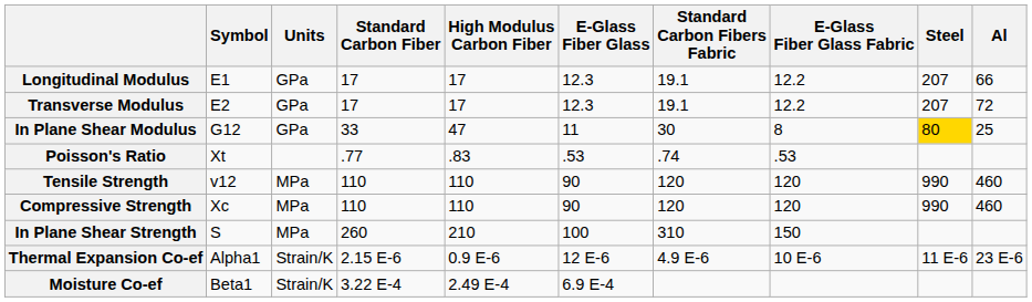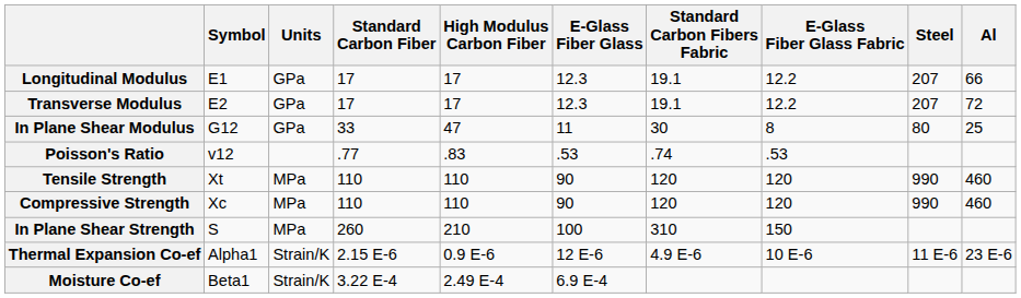 <table class="wikitable">
 <tr>
 <th></th>
 <th>Symbol</th>
 <th>Units</th>
 <th>Standard<br>Carbon Fiber</th>
 <th>High Modulus<br>Carbon Fiber</th>
 <th>E-Glass<br>Fiber Glass</th>
 <th>Standard<br>Carbon Fibers<br>Fabric</th>
 <th>E-Glass<br>Fiber Glass Fabric</th>
 <th>Steel</th>
 <th>Al</th>
 </tr>
 <tr>
 <th>Longitudinal Modulus</th>
 <td>E1</td>
 <td>GPa</td>
 <td>17</td>
 <td>17</td>
 <td>12.3</td>
 <td>19.1</td>
 <td>12.2</td>
 <td>207</td>
 <td>66</td>
 </tr>
 <tr>
 <th>Transverse Modulus</th>
 <td>E2</td>
 <td>GPa</td>
 <td>17</td>
 <td>17</td>
 <td>12.3</td>
 <td>19.1</td>
 <td>12.2</td>
 <td>207</td>
 <td>72</td>
 </tr>
 <tr>
 <th>In Plane Shear Modulus</th>
 <td>G12</td>
 <td>GPa</td>
 <td>33</td>
 <td>47</td>
 <td>11</td>
 <td>30</td>
 <td>8</td>
-<td style="background: gold;">80</td>
+<td>80</td>
 <td>25</td>
 </tr>
 <tr>
 <th>Poisson's Ratio</th>
-<td>Xt</td>
+<td>v12</td>
 <td></td>
 <td>.77</td>
 <td>.83</td>
 <td>.53</td>
 <td>.74</td>
 <td>.53</td>
 <td></td>
 <td></td>
 </tr>
 <tr>
 <th>Tensile Strength</th>
-<td>v12</td>
+<td>Xt</td>
 <td>MPa</td>
 <td>110</td>
 <td>110</td>
 <td>90</td>
 <td>120</td>
 <td>120</td>
 <td>990</td>
 <td>460</td>
 </tr>
 <tr>
 <th>Compressive Strength</th>
 <td>Xc</td>
 <td>MPa</td>
 <td>110</td>
 <td>110</td>
 <td>90</td>
 <td>120</td>
 <td>120</td>
 <td>990</td>
 <td>460</td>
 </tr>
 <tr>
 <th>In Plane Shear Strength</th>
 <td>S</td>
 <td>MPa</td>
 <td>260</td>
 <td>210</td>
 <td>100</td>
 <td>310</td>
 <td>150</td>
 <td></td>
 <td></td>
 </tr>
 <tr>
 <th>Thermal Expansion Co-ef</th>
 <td>Alpha1</td>
 <td>Strain/K</td>
 <td>2.15 E-6</td>
 <td>0.9 E-6</td>
 <td>12 E-6</td>
 <td>4.9 E-6</td>
 <td>10 E-6</td>
 <td>11 E-6</td>
 <td>23 E-6</td>
 </tr>
 <tr>
 <th>Moisture Co-ef</th>
 <td>Beta1</td>
 <td>Strain/K</td>
 <td>3.22 E-4</td>
 <td>2.49 E-4</td>
 <td>6.9 E-4</td>
 <td></td>
 <td></td>
 <td></td>
 <td></td>
 </tr>
 </table>
